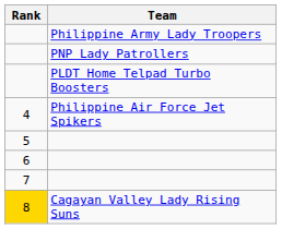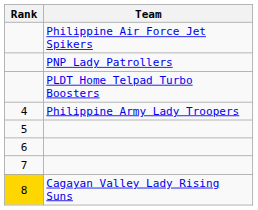 <table class="wikitable" style="text-align: center;">
 <tr>
 <th width=40>Rank</th>
 <th width=240>Team</th>
 </tr>
 <tr>
 <td></td>
-<td align="left"><a href='#'>Philippine Army Lady Troopers</a></td>
+<td align="left"><a href='#'>Philippine Air Force Jet Spikers</a></td>
 </tr>
 <tr>
 <td></td>
 <td align="left"><a href='#'>PNP Lady Patrollers</a></td>
 </tr>
 <tr>
 <td></td>
 <td align="left"><a href='#'>PLDT Home Telpad Turbo Boosters</a></td>
 </tr>
 <tr>
 <td>4</td>
-<td align="left"><a href='#'>Philippine Air Force Jet Spikers</a></td>
+<td align="left"><a href='#'>Philippine Army Lady Troopers</a></td>
 </tr>
 <tr>
 <td>5</td>
 <td align="left"></td>
 </tr>
 <tr>
 <td>6</td>
 <td align="left"></td>
 </tr>
 <tr>
 <td>7</td>
 <td align="left"></td>
 </tr>
 <tr>
 <td style="background: gold;">8</td>
 <td align="left"><a href='#'>Cagayan Valley Lady Rising Suns</a></td>
 </tr>
 </table>
